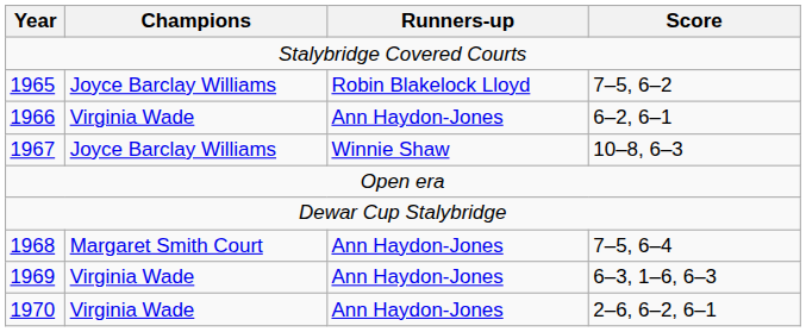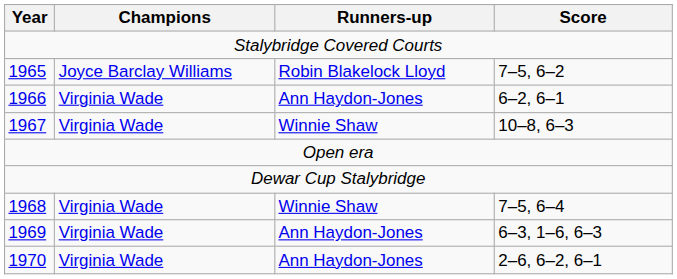 <table class="wikitable">
 <tr>
 <th style="width:40px">Year</th>
 <th style="width:200px">Champions</th>
 <th style="width:200px">Runners-up</th>
 <th style="width:160px" class="unsortable">Score</th>
 </tr>
 <tr>
 <td colspan="4" style="text-align:center;"><em>Stalybridge Covered Courts</em></td>
 </tr>
 <tr>
 <td><a href='#'>1965</a></td>
 <td> <a href='#'>Joyce Barclay Williams</a></td>
 <td> <a href='#'>Robin Blakelock Lloyd</a></td>
 <td>7–5, 6–2</td>
 </tr>
 <tr>
 <td><a href='#'>1966</a></td>
 <td> <a href='#'>Virginia Wade</a></td>
 <td> <a href='#'>Ann Haydon-Jones</a></td>
 <td>6–2, 6–1</td>
 </tr>
 <tr>
 <td><a href='#'>1967</a></td>
-<td> <a href='#'>Joyce Barclay Williams</a></td>
+<td> <a href='#'>Virginia Wade</a></td>
 <td> <a href='#'>Winnie Shaw</a></td>
 <td>10–8, 6–3</td>
 </tr>
 <tr>
 <td colspan=4 align=center><em>Open era </em></td>
 </tr>
 <tr>
 <td colspan="4" style="text-align:center;"><em>Dewar Cup Stalybridge</em></td>
 </tr>
 <tr>
 <td><a href='#'>1968</a></td>
-<td> <a href='#'>Margaret Smith Court</a></td>
-<td> <a href='#'>Ann Haydon-Jones</a></td>
+<td> <a href='#'>Virginia Wade</a></td>
+<td> <a href='#'>Winnie Shaw</a></td>
 <td>7–5, 6–4</td>
 </tr>
 <tr>
 <td><a href='#'>1969</a></td>
 <td> <a href='#'>Virginia Wade</a></td>
 <td> <a href='#'>Ann Haydon-Jones</a></td>
 <td>6–3, 1–6, 6–3</td>
 </tr>
 <tr>
 <td><a href='#'>1970</a></td>
 <td> <a href='#'>Virginia Wade</a></td>
 <td> <a href='#'>Ann Haydon-Jones</a></td>
 <td>2–6, 6–2, 6–1 </td>
 </tr>
 </table>
